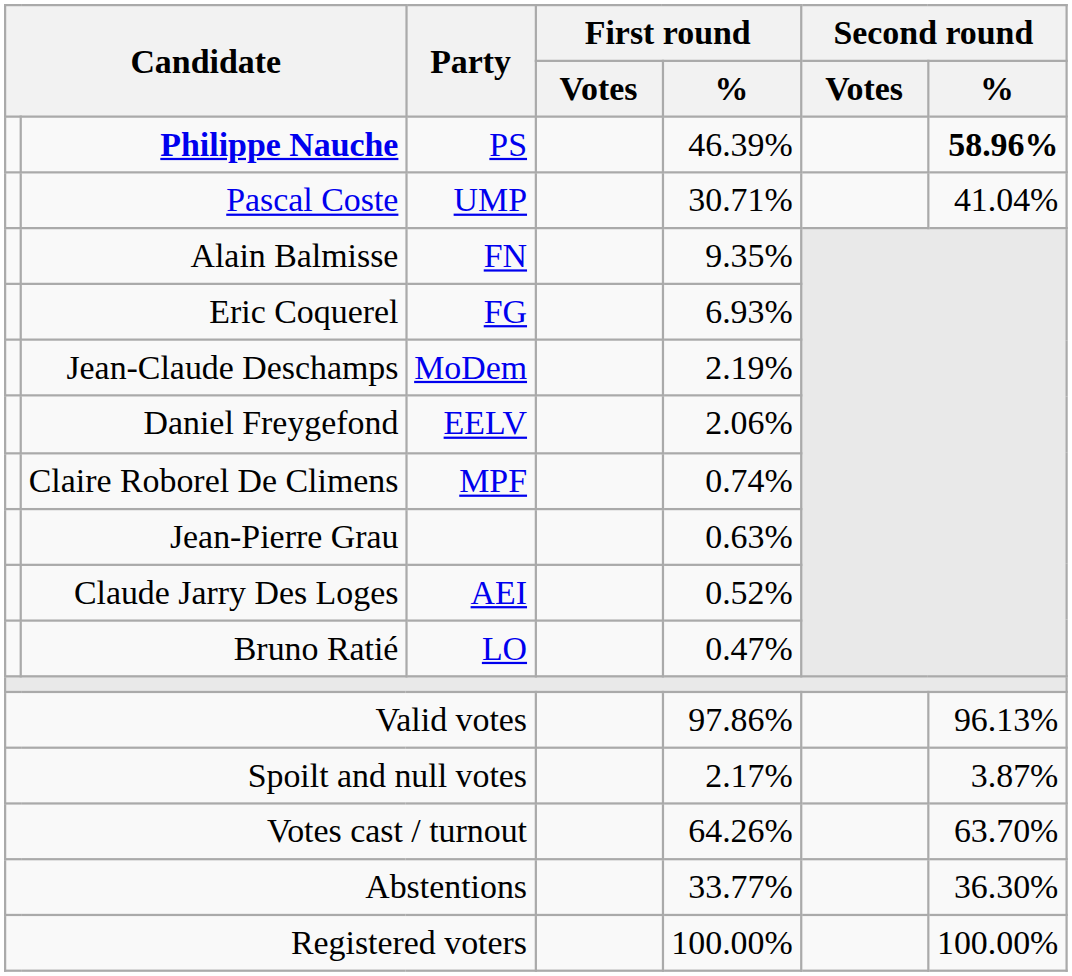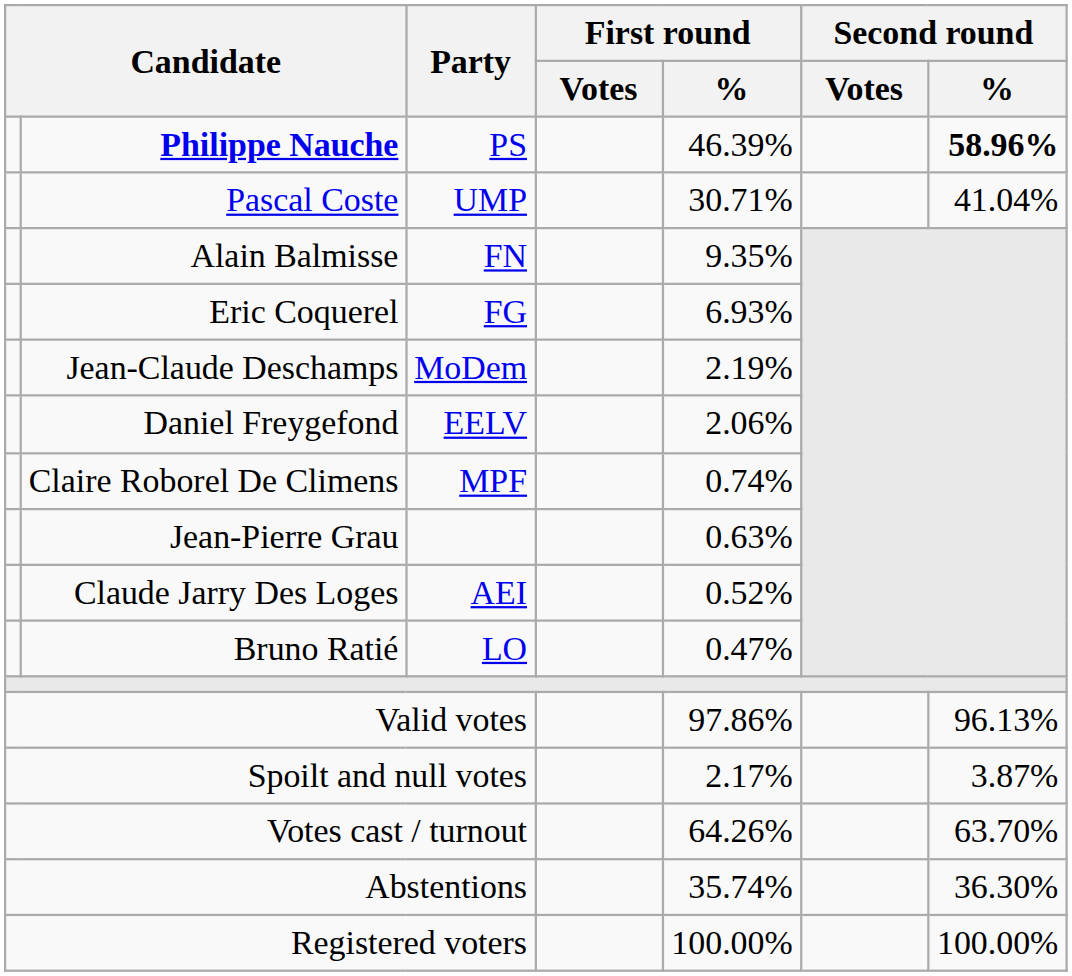 <table class="wikitable" style="text-align:right;font-size:95%;">
 <tr>
 <th colspan="2" rowspan="2">Candidate</th>
 <th colspan="1" rowspan="2">Party</th>
 <th colspan="2">First round</th>
 <th colspan="2">Second round</th>
 </tr>
 <tr>
 <th style="width:50px;">Votes</th>
 <th style="width:55px;">%</th>
 <th style="width:50px;">Votes</th>
 <th style="width:55px;">%</th>
 </tr>
 <tr>
 <td style="color:inherit;background-color:"></td>
 <td><strong><a href='#'>Philippe Nauche</a></strong></td>
 <td><a href='#'>PS</a></td>
 <td></td>
 <td>46.39%</td>
 <td><strong></strong></td>
 <td><strong>58.96%</strong></td>
 </tr>
 <tr>
 <td style="color:inherit;background-color:"></td>
 <td><a href='#'>Pascal Coste</a></td>
 <td><a href='#'>UMP</a></td>
 <td></td>
 <td>30.71%</td>
 <td></td>
 <td>41.04%</td>
 </tr>
 <tr>
 <td style="color:inherit;background-color:"></td>
 <td>Alain Balmisse</td>
 <td><a href='#'>FN</a></td>
 <td></td>
 <td>9.35%</td>
 <td colspan="7" rowspan="8" style="background-color:#E9E9E9;"></td>
 </tr>
 <tr>
 <td style="color:inherit;background-color:"></td>
 <td>Eric Coquerel</td>
 <td><a href='#'>FG</a></td>
 <td></td>
 <td>6.93%</td>
 </tr>
 <tr>
 <td style="color:inherit;background-color:"></td>
 <td>Jean-Claude Deschamps</td>
 <td><a href='#'>MoDem</a></td>
 <td></td>
 <td>2.19%</td>
 </tr>
 <tr>
 <td style="color:inherit;background-color:"></td>
 <td>Daniel Freygefond</td>
 <td><a href='#'>EELV</a></td>
 <td></td>
 <td>2.06%</td>
 </tr>
 <tr>
 <td style="color:inherit;background-color:"></td>
 <td>Claire Roborel De Climens</td>
 <td><a href='#'>MPF</a></td>
 <td></td>
 <td>0.74%</td>
 </tr>
 <tr>
 <td style="background-color:;"></td>
 <td>Jean-Pierre Grau</td>
 <td></td>
 <td></td>
 <td>0.63%</td>
 </tr>
 <tr>
 <td style="color:inherit;background-color:"></td>
 <td>Claude Jarry Des Loges</td>
 <td><a href='#'>AEI</a></td>
 <td></td>
 <td>0.52%</td>
 </tr>
 <tr>
 <td style="color:inherit;background-color:"></td>
 <td>Bruno Ratié</td>
 <td><a href='#'>LO</a></td>
 <td></td>
 <td>0.47%</td>
 </tr>
 <tr>
 <td colspan="7" style="background-color:#E9E9E9;"></td>
 </tr>
 <tr>
 <td colspan="3">Valid votes</td>
 <td></td>
 <td>97.86%</td>
 <td></td>
 <td>96.13%</td>
 </tr>
 <tr>
 <td colspan="3">Spoilt and null votes</td>
 <td></td>
 <td>2.17%</td>
 <td></td>
 <td>3.87%</td>
 </tr>
 <tr>
 <td colspan="3">Votes cast / turnout</td>
 <td></td>
 <td>64.26%</td>
 <td></td>
 <td>63.70%</td>
 </tr>
 <tr>
 <td colspan="3">Abstentions</td>
 <td></td>
-<td>33.77%</td>
+<td>35.74%</td>
 <td></td>
 <td>36.30%</td>
 </tr>
 <tr>
 <td colspan="3">Registered voters</td>
 <td></td>
 <td>100.00%</td>
 <td></td>
 <td>100.00%</td>
 </tr>
 </table>
